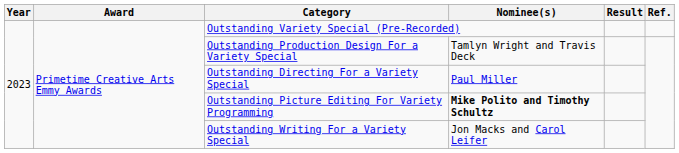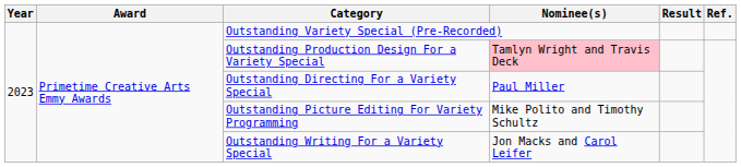 <table class="wikitable sortable">
 <tr>
 <th>Year</th>
 <th>Award</th>
 <th>Category</th>
 <th>Nominee(s)</th>
 <th>Result</th>
 <th>Ref.</th>
 </tr>
 <tr>
 <td rowspan="5">2023</td>
 <td rowspan="5"><a href='#'>Primetime Creative Arts Emmy Awards</a></td>
 <td colspan="2"><a href='#'>Outstanding Variety Special (Pre-Recorded)</a></td>
 <td></td>
 <td></td>
 </tr>
 <tr>
 <td><a href='#'>Outstanding Production Design For a Variety Special</a></td>
-<td>Tamlyn Wright and Travis Deck</td>
+<td style="background: pink;">Tamlyn Wright and Travis Deck</td>
 <td></td>
 <td rowspan="4"></td>
 </tr>
 <tr>
 <td><a href='#'>Outstanding Directing For a Variety Special</a></td>
 <td><a href='#'>Paul Miller</a></td>
 <td></td>
 </tr>
 <tr>
 <td><a href='#'>Outstanding Picture Editing For Variety Programming</a></td>
-<td><strong>Mike Polito and Timothy Schultz</strong></td>
+<td>Mike Polito and Timothy Schultz</td>
 <td></td>
 </tr>
 <tr>
 <td><a href='#'>Outstanding Writing For a Variety Special</a></td>
 <td>Jon Macks and <a href='#'>Carol Leifer</a></td>
 <td></td>
 </tr>
 </table>
